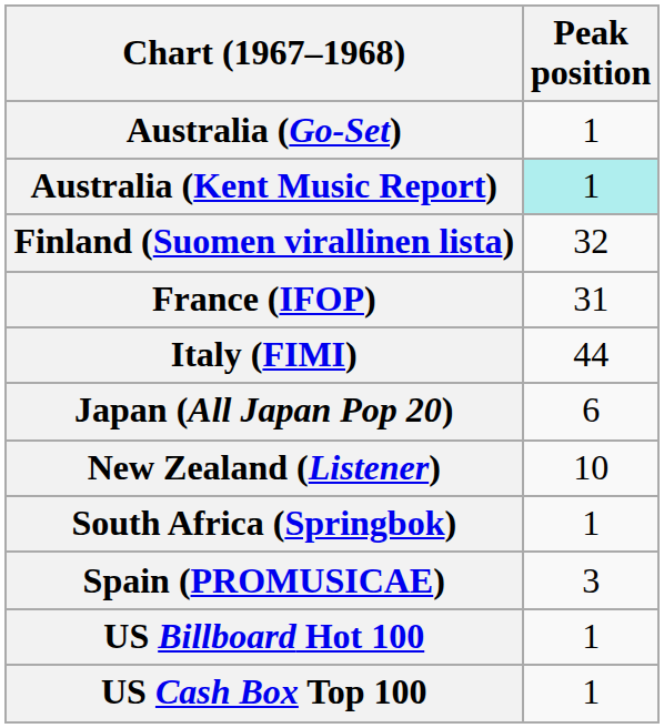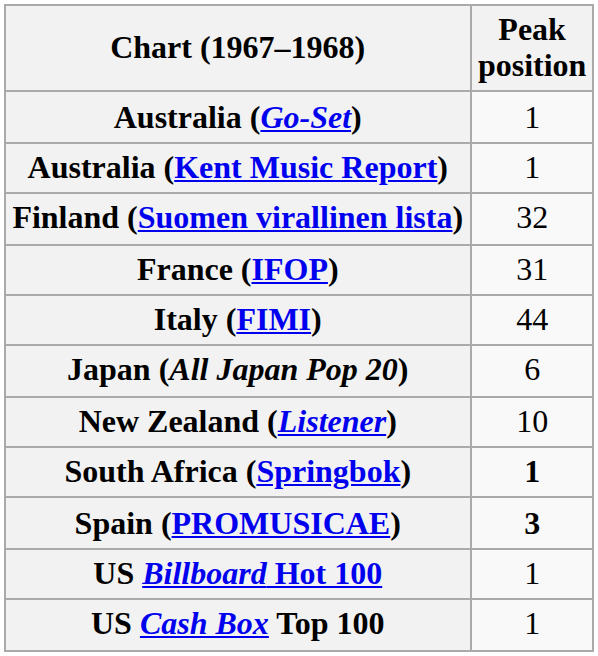 <table class="wikitable sortable plainrowheaders" style="text-align:center">
 <tr>
 <th scope="col">Chart (1967–1968)</th>
 <th scope="col">Peak<br>position</th>
 </tr>
 <tr>
 <th scope="row">Australia (<em><a href='#'>Go-Set</a></em>)</th>
 <td>1</td>
 </tr>
 <tr>
 <th scope="row">Australia (<a href='#'>Kent Music Report</a>)</th>
-<td style="background: paleturquoise;">1</td>
+<td>1</td>
 </tr>
 <tr>
 </tr>
 <tr>
 </tr>
 <tr>
 </tr>
 <tr>
 </tr>
 <tr>
 <th scope="row">Finland (<a href='#'>Suomen virallinen lista</a>)</th>
 <td>32</td>
 </tr>
 <tr>
 <th scope="row">France (<a href='#'>IFOP</a>)</th>
 <td>31</td>
 </tr>
 <tr>
 </tr>
 <tr>
 <th scope="row">Italy (<a href='#'>FIMI</a>)</th>
 <td>44</td>
 </tr>
 <tr>
 </tr>
 <tr>
 <th scope="row">Japan (<em>All Japan Pop 20</em>)</th>
 <td>6</td>
 </tr>
 <tr>
 </tr>
 <tr>
 </tr>
 <tr>
 <th scope="row">New Zealand (<em><a href='#'>Listener</a></em>)</th>
 <td>10</td>
 </tr>
 <tr>
 </tr>
 <tr>
 <th scope="row">South Africa (<a href='#'>Springbok</a>)</th>
-<td>1</td>
+<td><strong>1</strong></td>
 </tr>
 <tr>
 <th scope="row">Spain (<a href='#'>PROMUSICAE</a>)</th>
-<td>3</td>
+<td><strong>3</strong></td>
 </tr>
 <tr>
 </tr>
 <tr>
 </tr>
 <tr>
 <th scope="row">US <a href='#'><em>Billboard</em> Hot 100</a></th>
 <td>1</td>
 </tr>
 <tr>
 <th scope="row">US <a href='#'><em>Cash Box</em></a> Top 100</th>
 <td>1</td>
 </tr>
 </table>
